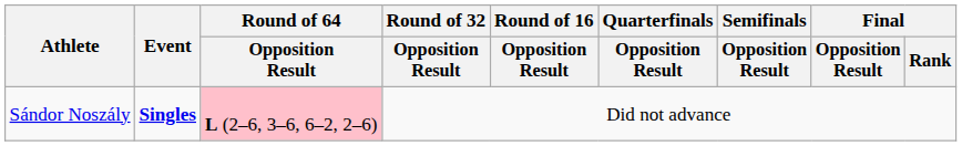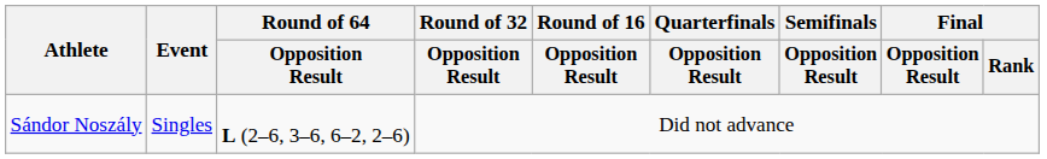 <table class="wikitable" style="font-size:90%">
 <tr>
 <th rowspan="2">Athlete</th>
 <th rowspan="2">Event</th>
 <th>Round of 64</th>
 <th>Round of 32</th>
 <th>Round of 16</th>
 <th>Quarterfinals</th>
 <th>Semifinals</th>
 <th colspan=2>Final</th>
 </tr>
 <tr style="font-size:95%">
 <th>Opposition<br>Result</th>
 <th>Opposition<br>Result</th>
 <th>Opposition<br>Result</th>
 <th>Opposition<br>Result</th>
 <th>Opposition<br>Result</th>
 <th>Opposition<br>Result</th>
 <th>Rank</th>
 </tr>
 <tr align=center>
 <td align=left><a href='#'>Sándor Noszály</a></td>
-<td align=left><strong><a href='#'>Singles</a></strong></td>
-<td style="background: pink;"><br><strong>L</strong> (2–6, 3–6, 6–2, 2–6)</td>
+<td align=left><a href='#'>Singles</a></td>
+<td><br><strong>L</strong> (2–6, 3–6, 6–2, 2–6)</td>
 <td colspan=6>Did not advance</td>
 </tr>
 </table>
